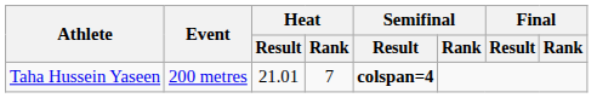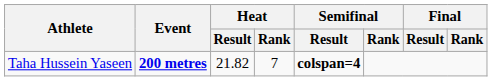 <table class="wikitable" style="font-size:90%">
 <tr>
 <th rowspan="2">Athlete</th>
 <th rowspan="2">Event</th>
 <th colspan="2">Heat</th>
 <th colspan="2">Semifinal</th>
 <th colspan="2">Final</th>
 </tr>
 <tr style="font-size:95%">
 <th>Result</th>
 <th>Rank</th>
 <th>Result</th>
 <th>Rank</th>
 <th>Result</th>
 <th>Rank</th>
 </tr>
 <tr align=center>
 <td align=left><a href='#'>Taha Hussein Yaseen</a></td>
-<td align=left><a href='#'>200 metres</a></td>
-<td>21.01</td>
+<td align=left><strong><a href='#'>200 metres</a></strong></td>
+<td>21.82</td>
 <td>7</td>
 <td><strong>colspan=4 </strong></td>
 </tr>
 </table>
